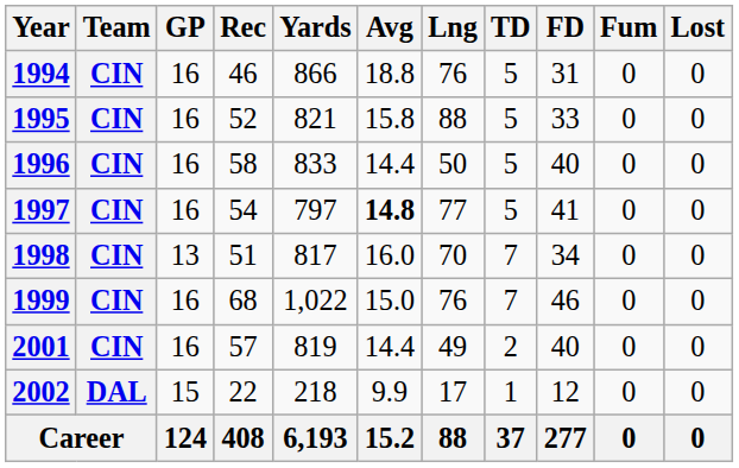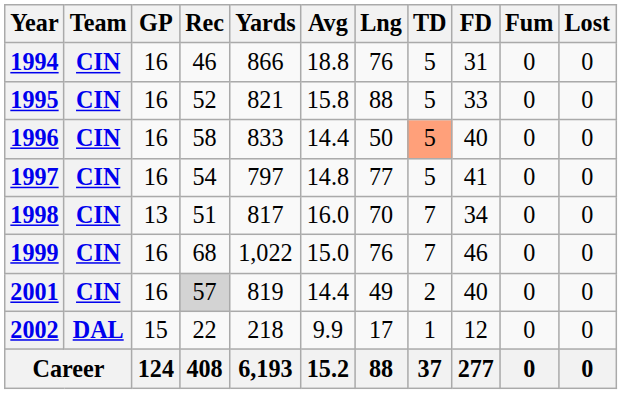 <table class="wikitable" style="text-align: center;">
 <tr>
 <th>Year</th>
 <th>Team</th>
 <th>GP</th>
 <th>Rec</th>
 <th>Yards</th>
 <th>Avg</th>
 <th>Lng</th>
 <th>TD</th>
 <th>FD</th>
 <th>Fum</th>
 <th>Lost</th>
 </tr>
 <tr>
 <th><a href='#'>1994</a></th>
 <th><a href='#'>CIN</a></th>
 <td>16</td>
 <td>46</td>
 <td>866</td>
 <td>18.8</td>
 <td>76</td>
 <td>5</td>
 <td>31</td>
 <td>0</td>
 <td>0</td>
 </tr>
 <tr>
 <th><a href='#'>1995</a></th>
 <th><a href='#'>CIN</a></th>
 <td>16</td>
 <td>52</td>
 <td>821</td>
 <td>15.8</td>
 <td>88</td>
 <td>5</td>
 <td>33</td>
 <td>0</td>
 <td>0</td>
 </tr>
 <tr>
 <th><a href='#'>1996</a></th>
 <th><a href='#'>CIN</a></th>
 <td>16</td>
 <td>58</td>
 <td>833</td>
 <td>14.4</td>
 <td>50</td>
-<td>5</td>
+<td style="background: lightsalmon;">5</td>
 <td>40</td>
 <td>0</td>
 <td>0</td>
 </tr>
 <tr>
 <th><a href='#'>1997</a></th>
 <th><a href='#'>CIN</a></th>
 <td>16</td>
 <td>54</td>
 <td>797</td>
-<td><strong>14.8</strong></td>
+<td>14.8</td>
 <td>77</td>
 <td>5</td>
 <td>41</td>
 <td>0</td>
 <td>0</td>
 </tr>
 <tr>
 <th><a href='#'>1998</a></th>
 <th><a href='#'>CIN</a></th>
 <td>13</td>
 <td>51</td>
 <td>817</td>
 <td>16.0</td>
 <td>70</td>
 <td>7</td>
 <td>34</td>
 <td>0</td>
 <td>0</td>
 </tr>
 <tr>
 <th><a href='#'>1999</a></th>
 <th><a href='#'>CIN</a></th>
 <td>16</td>
 <td>68</td>
 <td>1,022</td>
 <td>15.0</td>
 <td>76</td>
 <td>7</td>
 <td>46</td>
 <td>0</td>
 <td>0</td>
 </tr>
 <tr>
 <th><a href='#'>2001</a></th>
 <th><a href='#'>CIN</a></th>
 <td>16</td>
-<td>57</td>
+<td style="background: lightgrey;">57</td>
 <td>819</td>
 <td>14.4</td>
 <td>49</td>
 <td>2</td>
 <td>40</td>
 <td>0</td>
 <td>0</td>
 </tr>
 <tr>
 <th><a href='#'>2002</a></th>
 <th><a href='#'>DAL</a></th>
 <td>15</td>
 <td>22</td>
 <td>218</td>
 <td>9.9</td>
 <td>17</td>
 <td>1</td>
 <td>12</td>
 <td>0</td>
 <td>0</td>
 </tr>
 <tr>
 <th colspan="2">Career</th>
 <th>124</th>
 <th>408</th>
 <th>6,193</th>
 <th>15.2</th>
 <th>88</th>
 <th>37</th>
 <th>277</th>
 <th>0</th>
 <th>0</th>
 </tr>
 </table>
